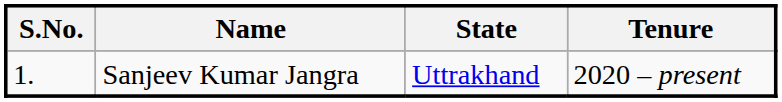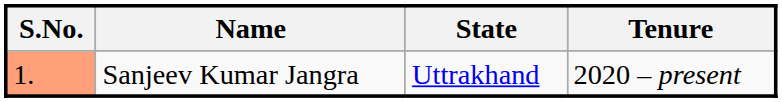 <table class="wikitable sortable" style="border-collapse: collapse; border: 2px #000000 solid; font-size: x-big; font-family: verdana" width="70%" cellspacing="0" cellpadding="2" border="1">
 <tr bgcolor="efefef" align="center">
 <th>S.No.</th>
 <th>Name</th>
 <th>State</th>
 <th>Tenure</th>
 </tr>
 <tr>
-<td>1.</td>
+<td style="background: lightsalmon;">1.</td>
 <td>Sanjeev Kumar Jangra</td>
 <td><a href='#'>Uttrakhand</a></td>
 <td>2020 – <em>present</em></td>
 </tr>
 <tr>
 </tr>
 </table>
